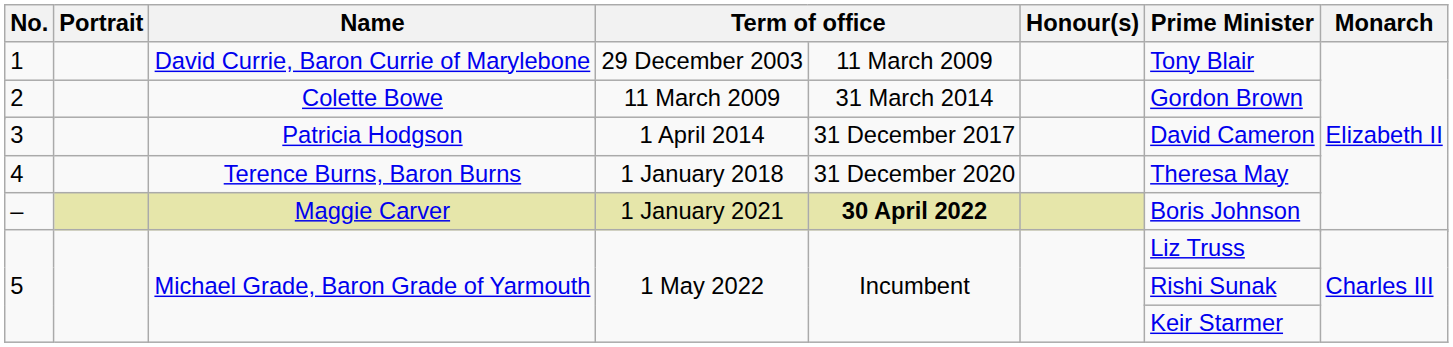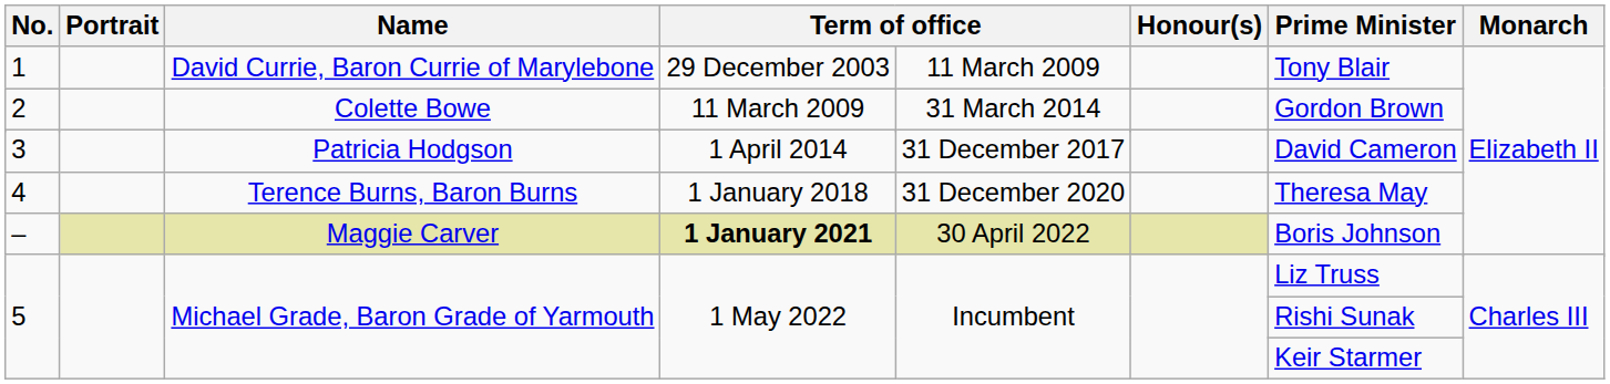 <table class="sortable wikitable">
 <tr>
 <th>No.</th>
 <th>Portrait</th>
 <th>Name<br></th>
 <th colspan=2>Term of office</th>
 <th>Honour(s)</th>
 <th>Prime Minister</th>
 <th>Monarch<br></th>
 </tr>
 <tr>
 <td rowspan="2">1</td>
 <td rowspan="2"></td>
 <td rowspan=2 align=center><a href='#'>David Currie, Baron Currie of Marylebone</a><br></td>
 <td rowspan=2 align=center>29 December 2003</td>
 <td rowspan=2 align=center>11 March 2009</td>
 <td rowspan=2></td>
 <td><a href='#'>Tony Blair</a></td>
 <td rowspan=11><a href='#'>Elizabeth II</a><br></td>
 </tr>
 <tr>
 <td rowspan=2><a href='#'>Gordon Brown</a></td>
 </tr>
 <tr>
 <td rowspan="2">2</td>
 <td rowspan="2"></td>
 <td rowspan=2 align=center><a href='#'>Colette Bowe</a><br></td>
 <td rowspan=2 align=center>11 March 2009</td>
 <td rowspan=2 align="center">31 March 2014</td>
 <td rowspan=2></td>
 </tr>
 <tr>
 <td rowspan=2><a href='#'>David Cameron</a></td>
 </tr>
 <tr>
 <td rowspan="2">3</td>
 <td rowspan="2"></td>
 <td rowspan=2 align=center><a href='#'>Patricia Hodgson</a><br></td>
 <td rowspan=2 align=center>1 April 2014</td>
 <td rowspan=2 align=center>31 December 2017</td>
 <td rowspan=2></td>
 </tr>
 <tr>
 <td rowspan=2><a href='#'>Theresa May</a></td>
 </tr>
 <tr>
 <td rowspan="2">4</td>
 <td rowspan="2"></td>
 <td rowspan=2 align=center><a href='#'>Terence Burns, Baron Burns</a><br></td>
 <td rowspan=2 align=center>1 January 2018</td>
 <td rowspan=2 align=center>31 December 2020</td>
 <td rowspan=2></td>
 </tr>
 <tr>
 <td rowspan=3><a href='#'>Boris Johnson</a></td>
 </tr>
 <tr>
 <td>–</td>
 <td style="background:#e6e6aa;"></td>
 <td style="background:#e6e6aa;" align=center><a href='#'>Maggie Carver</a><br></td>
-<td style="background:#e6e6aa;" align=center>1 January 2021</td>
-<td style="background:#e6e6aa;" align=center><strong>30 April 2022</strong></td>
+<td style="background:#e6e6aa;" align=center><strong>1 January 2021</strong></td>
+<td style="background:#e6e6aa;" align=center>30 April 2022</td>
 <td style="background:#e6e6aa;"></td>
 </tr>
 <tr>
 <td rowspan="5">5</td>
 <td rowspan="5"></td>
 <td rowspan=5 align=center><a href='#'>Michael Grade, Baron Grade of Yarmouth</a><br></td>
 <td rowspan=5 align=center>1 May 2022</td>
 <td rowspan=5 align=center>Incumbent</td>
 <td rowspan=5></td>
 </tr>
 <tr>
 <td rowspan=2><a href='#'>Liz Truss</a></td>
 </tr>
 <tr>
 <td rowspan=3><a href='#'>Charles III</a><br></td>
 </tr>
 <tr>
 <td><a href='#'>Rishi Sunak</a></td>
 </tr>
 <tr>
 <td><a href='#'>Keir Starmer</a></td>
 </tr>
 </table>
